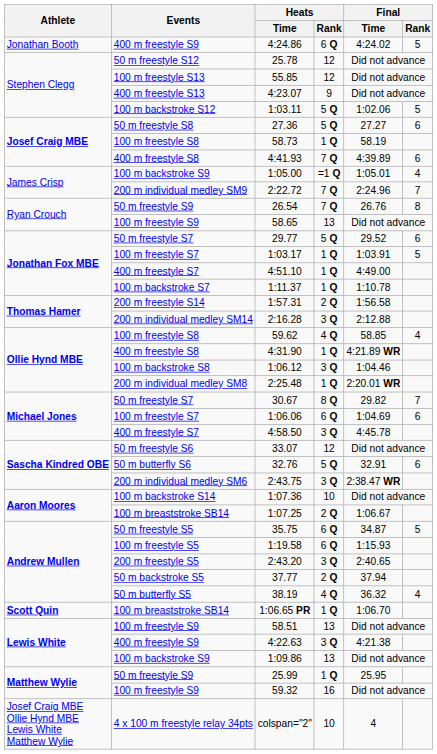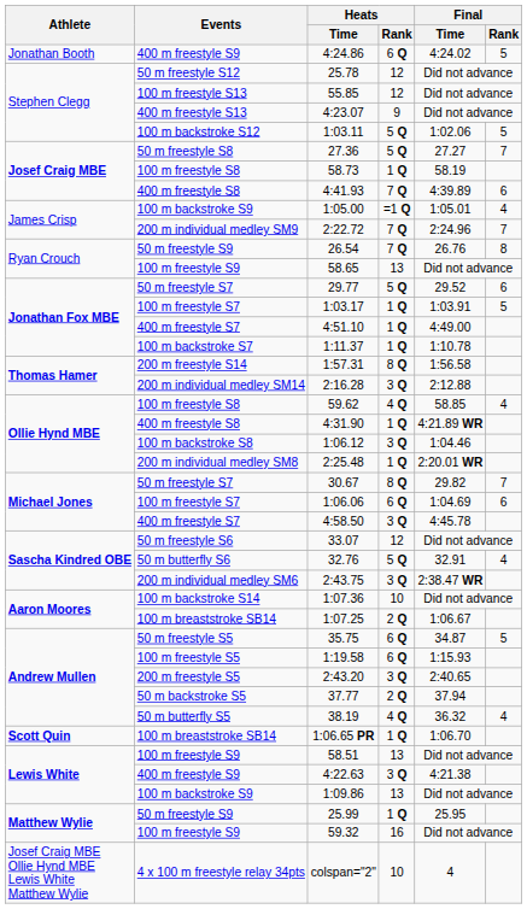 <table class=wikitable style="font-size:90%">
 <tr>
 <th rowspan="2">Athlete</th>
 <th rowspan="2">Events</th>
 <th colspan="2">Heats</th>
 <th colspan="2">Final</th>
 </tr>
 <tr>
 <th>Time</th>
 <th>Rank</th>
 <th>Time</th>
 <th>Rank</th>
 </tr>
 <tr align=center>
 <td align=left><a href='#'>Jonathan Booth</a></td>
 <td align=left><a href='#'>400 m freestyle S9</a></td>
 <td>4:24.86</td>
 <td>6 <strong>Q</strong></td>
 <td>4:24.02</td>
 <td>5</td>
 </tr>
 <tr align=center>
 <td style="text-align:left;" rowspan="4"><a href='#'>Stephen Clegg</a></td>
 <td align=left><a href='#'>50 m freestyle S12</a></td>
 <td>25.78</td>
 <td>12</td>
 <td colspan="2">Did not advance</td>
 </tr>
 <tr align=center>
 <td align=left><a href='#'>100 m freestyle S13</a></td>
 <td>55.85</td>
 <td>12</td>
 <td colspan="2">Did not advance</td>
 </tr>
 <tr align=center>
 <td align=left><a href='#'>400 m freestyle S13</a></td>
 <td>4:23.07</td>
 <td>9</td>
 <td colspan="2">Did not advance</td>
 </tr>
 <tr align=center>
 <td align=left><a href='#'>100 m backstroke S12</a></td>
 <td>1:03.11</td>
 <td>5 <strong>Q</strong></td>
 <td>1:02.06</td>
 <td>5</td>
 </tr>
 <tr align=center>
 <td style="text-align:left;" rowspan="3"><strong><a href='#'>Josef Craig MBE</a></strong></td>
 <td align=left><a href='#'>50 m freestyle S8</a></td>
 <td>27.36</td>
 <td>5 <strong>Q</strong></td>
 <td>27.27</td>
-<td>6</td>
+<td>7</td>
 </tr>
 <tr align=center>
 <td align=left><a href='#'>100 m freestyle S8</a></td>
 <td>58.73</td>
 <td>1 <strong>Q</strong></td>
 <td>58.19</td>
 <td></td>
 </tr>
 <tr align=center>
 <td align=left><a href='#'>400 m freestyle S8</a></td>
 <td>4:41.93</td>
 <td>7 <strong>Q</strong></td>
 <td>4:39.89</td>
 <td>6</td>
 </tr>
 <tr align=center>
 <td style="text-align:left;" rowspan="2"><a href='#'>James Crisp</a></td>
 <td align=left><a href='#'>100 m backstroke S9</a></td>
 <td>1:05.00</td>
 <td>=1 <strong>Q</strong></td>
 <td>1:05.01</td>
 <td>4</td>
 </tr>
 <tr align=center>
 <td align=left><a href='#'>200 m individual medley SM9</a></td>
 <td>2:22.72</td>
 <td>7 <strong>Q</strong></td>
 <td>2:24.96</td>
 <td>7</td>
 </tr>
 <tr align=center>
 <td style="text-align:left;" rowspan="2"><a href='#'>Ryan Crouch</a></td>
 <td align=left><a href='#'>50 m freestyle S9</a></td>
 <td>26.54</td>
 <td>7 <strong>Q</strong></td>
 <td>26.76</td>
 <td>8</td>
 </tr>
 <tr align=center>
 <td align=left><a href='#'>100 m freestyle S9</a></td>
 <td>58.65</td>
 <td>13</td>
 <td colspan="2">Did not advance</td>
 </tr>
 <tr align=center>
 <td style="text-align:left;" rowspan="4"><strong><a href='#'>Jonathan Fox MBE</a></strong></td>
 <td align=left><a href='#'>50 m freestyle S7</a></td>
 <td>29.77</td>
 <td>5 <strong>Q</strong></td>
 <td>29.52</td>
 <td>6</td>
 </tr>
 <tr align=center>
 <td align=left><a href='#'>100 m freestyle S7</a></td>
 <td>1:03.17</td>
 <td>1 <strong>Q</strong></td>
 <td>1:03.91</td>
 <td>5</td>
 </tr>
 <tr align=center>
 <td align=left><a href='#'>400 m freestyle S7</a></td>
 <td>4:51.10</td>
 <td>1 <strong>Q</strong></td>
 <td>4:49.00</td>
 <td></td>
 </tr>
 <tr align=center>
 <td align=left><a href='#'>100 m backstroke S7</a></td>
 <td>1:11.37</td>
 <td>1 <strong>Q</strong></td>
 <td>1:10.78</td>
 <td></td>
 </tr>
 <tr align=center>
 <td style="text-align:left;" rowspan="2"><strong><a href='#'>Thomas Hamer</a></strong></td>
 <td align=left><a href='#'>200 m freestyle S14</a></td>
 <td>1:57.31</td>
-<td>2 <strong>Q</strong></td>
+<td>8 <strong>Q</strong></td>
 <td>1:56.58</td>
 <td></td>
 </tr>
 <tr align=center>
 <td align=left><a href='#'>200 m individual medley SM14</a></td>
 <td>2:16.28</td>
 <td>3 <strong>Q</strong></td>
 <td>2:12.88</td>
 <td></td>
 </tr>
 <tr align=center>
 <td style="text-align:left;" rowspan="4"><strong><a href='#'>Ollie Hynd MBE</a></strong></td>
 <td align=left><a href='#'>100 m freestyle S8</a></td>
 <td>59.62</td>
 <td>4 <strong>Q</strong></td>
 <td>58.85</td>
 <td>4</td>
 </tr>
 <tr align=center>
 <td align=left><a href='#'>400 m freestyle S8</a></td>
 <td>4:31.90</td>
 <td>1 <strong>Q</strong></td>
 <td>4:21.89 <strong>WR</strong></td>
 <td></td>
 </tr>
 <tr align=center>
 <td align=left><a href='#'>100 m backstroke S8</a></td>
 <td>1:06.12</td>
 <td>3 <strong>Q</strong></td>
 <td>1:04.46</td>
 <td></td>
 </tr>
 <tr align=center>
 <td align=left><a href='#'>200 m individual medley SM8</a></td>
 <td>2:25.48</td>
 <td>1 <strong>Q</strong></td>
 <td>2:20.01 <strong>WR</strong></td>
 <td></td>
 </tr>
 <tr align=center>
 <td style="text-align:left;" rowspan="3"><strong><a href='#'>Michael Jones</a></strong></td>
 <td align=left><a href='#'>50 m freestyle S7</a></td>
 <td>30.67</td>
 <td>8 <strong>Q</strong></td>
 <td>29.82</td>
 <td>7</td>
 </tr>
 <tr align=center>
 <td align=left><a href='#'>100 m freestyle S7</a></td>
 <td>1:06.06</td>
 <td>6 <strong>Q</strong></td>
 <td>1:04.69</td>
 <td>6</td>
 </tr>
 <tr align=center>
 <td align=left><a href='#'>400 m freestyle S7</a></td>
 <td>4:58.50</td>
 <td>3 <strong>Q</strong></td>
 <td>4:45.78</td>
 <td></td>
 </tr>
 <tr align=center>
 <td style="text-align:left;" rowspan="3"><strong><a href='#'>Sascha Kindred OBE</a></strong></td>
 <td align=left><a href='#'>50 m freestyle S6</a></td>
 <td>33.07</td>
 <td>12</td>
 <td colspan="2">Did not advance</td>
 </tr>
 <tr align=center>
 <td align=left><a href='#'>50 m butterfly S6</a></td>
 <td>32.76</td>
 <td>5 <strong>Q</strong></td>
 <td>32.91</td>
-<td>6</td>
+<td>4</td>
 </tr>
 <tr align=center>
 <td align=left><a href='#'>200 m individual medley SM6</a></td>
 <td>2:43.75</td>
 <td>3 <strong>Q</strong></td>
 <td>2:38.47 <strong>WR</strong></td>
 <td></td>
 </tr>
 <tr align=center>
 <td style="text-align:left;" rowspan="2"><strong><a href='#'>Aaron Moores</a></strong></td>
 <td align=left><a href='#'>100 m backstroke S14</a></td>
 <td>1:07.36</td>
 <td>10</td>
 <td colspan="2">Did not advance</td>
 </tr>
 <tr align=center>
 <td align=left><a href='#'>100 m breaststroke SB14</a></td>
 <td>1:07.25</td>
 <td>2 <strong>Q</strong></td>
 <td>1:06.67</td>
 <td></td>
 </tr>
 <tr align=center>
 <td style="text-align:left;" rowspan="5"><strong><a href='#'>Andrew Mullen</a></strong></td>
 <td align=left><a href='#'>50 m freestyle S5</a></td>
 <td>35.75</td>
 <td>6 <strong>Q</strong></td>
 <td>34.87</td>
 <td>5</td>
 </tr>
 <tr align=center>
 <td align=left><a href='#'>100 m freestyle S5</a></td>
 <td>1:19.58</td>
 <td>6 <strong>Q</strong></td>
 <td>1:15.93</td>
 <td></td>
 </tr>
 <tr align=center>
 <td align=left><a href='#'>200 m freestyle S5</a></td>
 <td>2:43.20</td>
 <td>3 <strong>Q</strong></td>
 <td>2:40.65</td>
 <td></td>
 </tr>
 <tr align=center>
 <td align=left><a href='#'>50 m backstroke S5</a></td>
 <td>37.77</td>
 <td>2 <strong>Q</strong></td>
 <td>37.94</td>
 <td></td>
 </tr>
 <tr align=center>
 <td align=left><a href='#'>50 m butterfly S5</a></td>
 <td>38.19</td>
 <td>4 <strong>Q</strong></td>
 <td>36.32</td>
 <td>4</td>
 </tr>
 <tr align=center>
 <td align=left><strong><a href='#'>Scott Quin</a></strong></td>
 <td align=left><a href='#'>100 m breaststroke SB14</a></td>
 <td>1:06.65 <strong>PR</strong></td>
 <td>1 <strong>Q</strong></td>
 <td>1:06.70</td>
 <td></td>
 </tr>
 <tr align=center>
 <td style="text-align:left;" rowspan="3"><strong><a href='#'>Lewis White</a></strong></td>
 <td align=left><a href='#'>100 m freestyle S9</a></td>
 <td>58.51</td>
 <td>13</td>
 <td colspan="2">Did not advance</td>
 </tr>
 <tr align=center>
 <td align=left><a href='#'>400 m freestyle S9</a></td>
 <td>4:22.63</td>
 <td>3 <strong>Q</strong></td>
 <td>4:21.38</td>
 <td></td>
 </tr>
 <tr align=center>
 <td align=left><a href='#'>100 m backstroke S9</a></td>
 <td>1:09.86</td>
 <td>13</td>
 <td colspan="2">Did not advance</td>
 </tr>
 <tr align=center>
 <td style="text-align:left;" rowspan="2"><strong><a href='#'>Matthew Wylie</a></strong></td>
 <td align=left><a href='#'>50 m freestyle S9</a></td>
 <td>25.99</td>
 <td>1 <strong>Q</strong></td>
 <td>25.95</td>
 <td></td>
 </tr>
 <tr align=center>
 <td align=left><a href='#'>100 m freestyle S9</a></td>
 <td>59.32</td>
 <td>16</td>
 <td colspan="2">Did not advance</td>
 </tr>
 <tr align=center>
 <td align=left><a href='#'>Josef Craig MBE</a><br><a href='#'>Ollie Hynd MBE</a><br><a href='#'>Lewis White</a><br><a href='#'>Matthew Wylie</a></td>
 <td align=left><a href='#'>4 x 100 m freestyle relay 34pts</a></td>
 <td>colspan="2" </td>
 <td>10</td>
 <td>4</td>
 </tr>
 </table>
